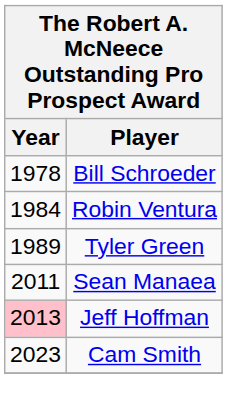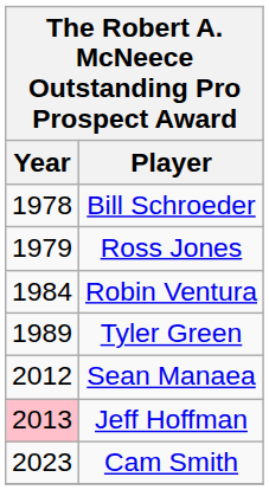 <table class="wikitable" style="display: inline-table; margin-right: 20px; text-align:center">
 <tr>
 <th scope="col" colspan="2" style="width: 145px;">The Robert A. McNeece Outstanding Pro Prospect Award</th>
 </tr>
 <tr>
 <th scope="col">Year</th>
 <th scope="col">Player</th>
 </tr>
 <tr>
 <td>1978</td>
 <td><a href='#'>Bill Schroeder</a></td>
 </tr>
 <tr>
+<td>1979</td>
+<td><a href='#'>Ross Jones</a></td>
+</tr>
+<tr>
 <td>1984</td>
 <td><a href='#'>Robin Ventura</a></td>
 </tr>
 <tr>
 <td>1989</td>
 <td><a href='#'>Tyler Green</a></td>
 </tr>
 <tr>
-<td>2011</td>
+<td>2012</td>
 <td><a href='#'>Sean Manaea</a></td>
 </tr>
 <tr>
 <td style="background: pink;">2013</td>
 <td><a href='#'>Jeff Hoffman</a></td>
 </tr>
 <tr>
 <td>2023</td>
 <td><a href='#'>Cam Smith</a></td>
 </tr>
 <tr>
 </tr>
 </table>
